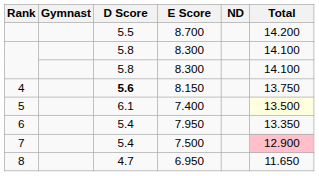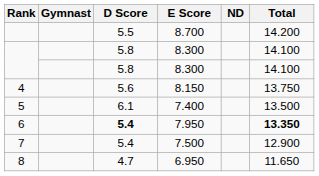 <table class="wikitable" style="text-align:center">
 <tr>
 <th>Rank</th>
 <th>Gymnast</th>
 <th style="width:5em">D Score</th>
 <th style="width:5em">E Score</th>
 <th style="width:2em">ND</th>
 <th style="width:5em">Total</th>
 </tr>
 <tr>
 <td></td>
 <td align=left></td>
 <td>5.5</td>
 <td>8.700</td>
 <td></td>
 <td>14.200</td>
 </tr>
 <tr>
 <td rowspan="2"></td>
 <td align=left></td>
 <td>5.8</td>
 <td>8.300</td>
 <td></td>
 <td>14.100</td>
 </tr>
 <tr>
 <td align=left></td>
 <td>5.8</td>
 <td>8.300</td>
 <td></td>
 <td>14.100</td>
 </tr>
 <tr>
 <td>4</td>
 <td align=left></td>
-<td><strong>5.6</strong></td>
+<td>5.6</td>
 <td>8.150</td>
 <td></td>
 <td>13.750</td>
 </tr>
 <tr>
 <td>5</td>
 <td align=left></td>
 <td>6.1</td>
 <td>7.400</td>
 <td></td>
-<td style="background: lightyellow;">13.500</td>
+<td>13.500</td>
 </tr>
 <tr>
 <td>6</td>
 <td align=left></td>
-<td>5.4</td>
+<td><strong>5.4</strong></td>
 <td>7.950</td>
 <td></td>
-<td>13.350</td>
+<td><strong>13.350</strong></td>
 </tr>
 <tr>
 <td>7</td>
 <td align=left></td>
 <td>5.4</td>
 <td>7.500</td>
 <td></td>
-<td style="background: pink;">12.900</td>
+<td>12.900</td>
 </tr>
 <tr>
 <td>8</td>
 <td align=left></td>
 <td>4.7</td>
 <td>6.950</td>
 <td></td>
 <td>11.650</td>
 </tr>
 </table>
